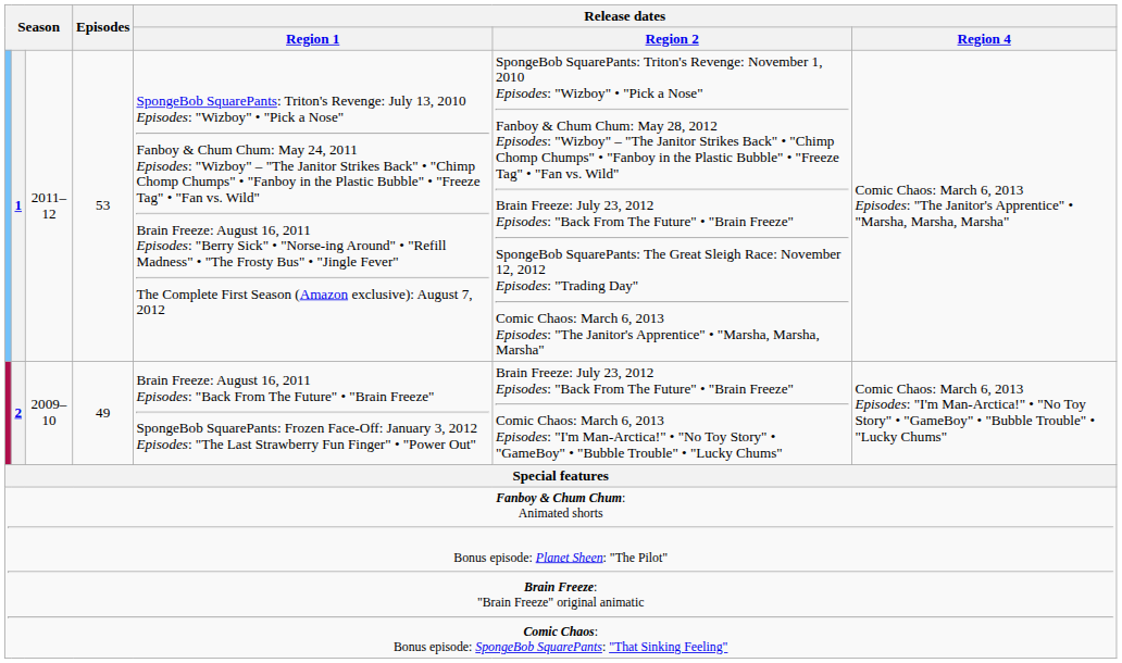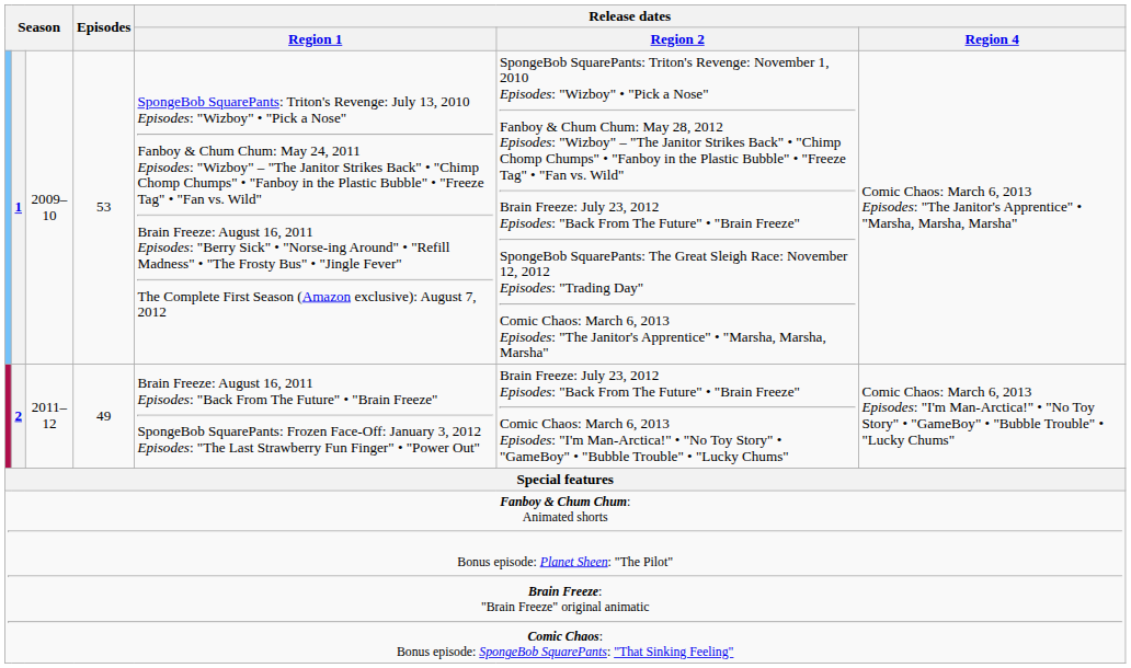 <table class="wikitable">
 <tr>
 <th colspan=3 rowspan=2>Season</th>
 <th rowspan=2>Episodes</th>
 <th colspan=3>Release dates</th>
 </tr>
 <tr style="width:35%">
 <th><a href='#'>Region 1</a></th>
 <th><a href='#'>Region 2</a></th>
 <th><a href='#'>Region 4</a></th>
 </tr>
 <tr>
 <th style="background:#73C2FB"></th>
 <th><a href='#'>1</a></th>
-<td style="text-align: center">2011–12</td>
+<td style="text-align: center">2009–10</td>
 <td style="text-align: center">53</td>
 <td><a href='#'>SpongeBob SquarePants</a>: Triton's Revenge: July 13, 2010<br><em>Episodes</em>: "Wizboy" • "Pick a Nose"<hr>Fanboy & Chum Chum: May 24, 2011<br><em>Episodes</em>: "Wizboy" – "The Janitor Strikes Back" • "Chimp Chomp Chumps" • "Fanboy in the Plastic Bubble" • "Freeze Tag" • "Fan vs. Wild"<hr>Brain Freeze: August 16, 2011<br><em>Episodes</em>: "Berry Sick" • "Norse-ing Around" • "Refill Madness" • "The Frosty Bus" • "Jingle Fever"<hr>The Complete First Season (<a href='#'>Amazon</a> exclusive): August 7, 2012</td>
 <td>SpongeBob SquarePants: Triton's Revenge: November 1, 2010<br><em>Episodes</em>: "Wizboy" • "Pick a Nose"<hr>Fanboy & Chum Chum: May 28, 2012<br><em>Episodes</em>: "Wizboy" – "The Janitor Strikes Back" • "Chimp Chomp Chumps" • "Fanboy in the Plastic Bubble" • "Freeze Tag" • "Fan vs. Wild"<hr>Brain Freeze: July 23, 2012<br><em>Episodes</em>: "Back From The Future" • "Brain Freeze"<hr>SpongeBob SquarePants: The Great Sleigh Race: November 12, 2012<br><em>Episodes</em>: "Trading Day"<hr>Comic Chaos: March 6, 2013<br><em>Episodes</em>: "The Janitor's Apprentice" • "Marsha, Marsha, Marsha"</td>
 <td>Comic Chaos: March 6, 2013<br><em>Episodes</em>: "The Janitor's Apprentice" • "Marsha, Marsha, Marsha"</td>
 </tr>
 <tr>
 <th style="background:#AE0E4B"></th>
 <th><a href='#'>2</a></th>
-<td style="text-align: center">2009–10</td>
+<td style="text-align: center">2011–12</td>
 <td style="text-align: center">49</td>
 <td>Brain Freeze: August 16, 2011<br><em>Episodes</em>: "Back From The Future" • "Brain Freeze"<hr>SpongeBob SquarePants: Frozen Face-Off: January 3, 2012<br><em>Episodes</em>: "The Last Strawberry Fun Finger" • "Power Out"</td>
 <td>Brain Freeze: July 23, 2012<br><em>Episodes</em>: "Back From The Future" • "Brain Freeze"<hr>Comic Chaos: March 6, 2013<br><em>Episodes</em>: "I'm Man-Arctica!" • "No Toy Story" • "GameBoy" • "Bubble Trouble" • "Lucky Chums"</td>
 <td>Comic Chaos: March 6, 2013<br><em>Episodes</em>: "I'm Man-Arctica!" • "No Toy Story" • "GameBoy" • "Bubble Trouble" • "Lucky Chums"</td>
 </tr>
 <tr>
 <th colspan=7>Special features</th>
 </tr>
 <tr style="text-align: center; font-size:90%">
 <td colspan=7><strong><em>Fanboy & Chum Chum</em></strong>:<br> Animated shorts <hr> <br>Bonus episode: <em><a href='#'>Planet Sheen</a></em>: "The Pilot"<hr> <strong><em>Brain Freeze</em></strong>:<br>"Brain Freeze" original animatic<hr><strong><em>Comic Chaos</em></strong>:<br>Bonus episode: <em><a href='#'>SpongeBob SquarePants</a></em>: <a href='#'>"That Sinking Feeling"</a></td>
 </tr>
 </table>
